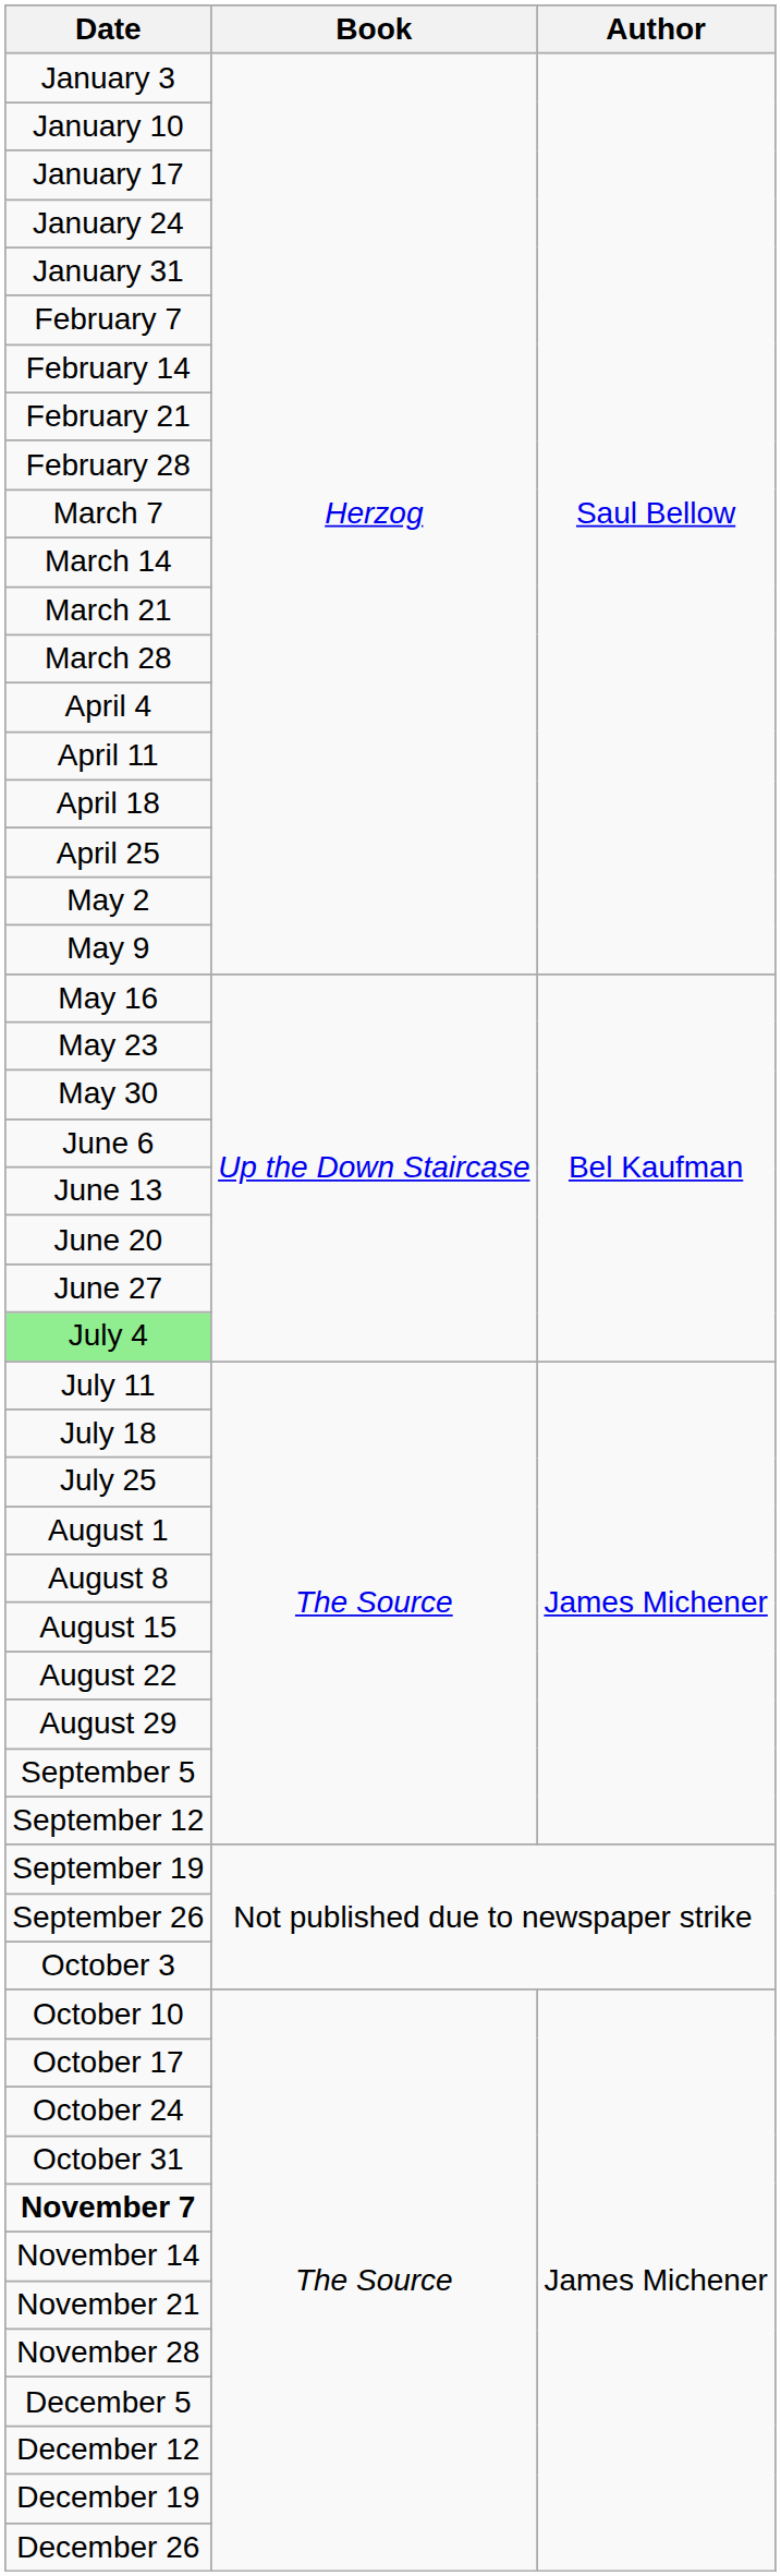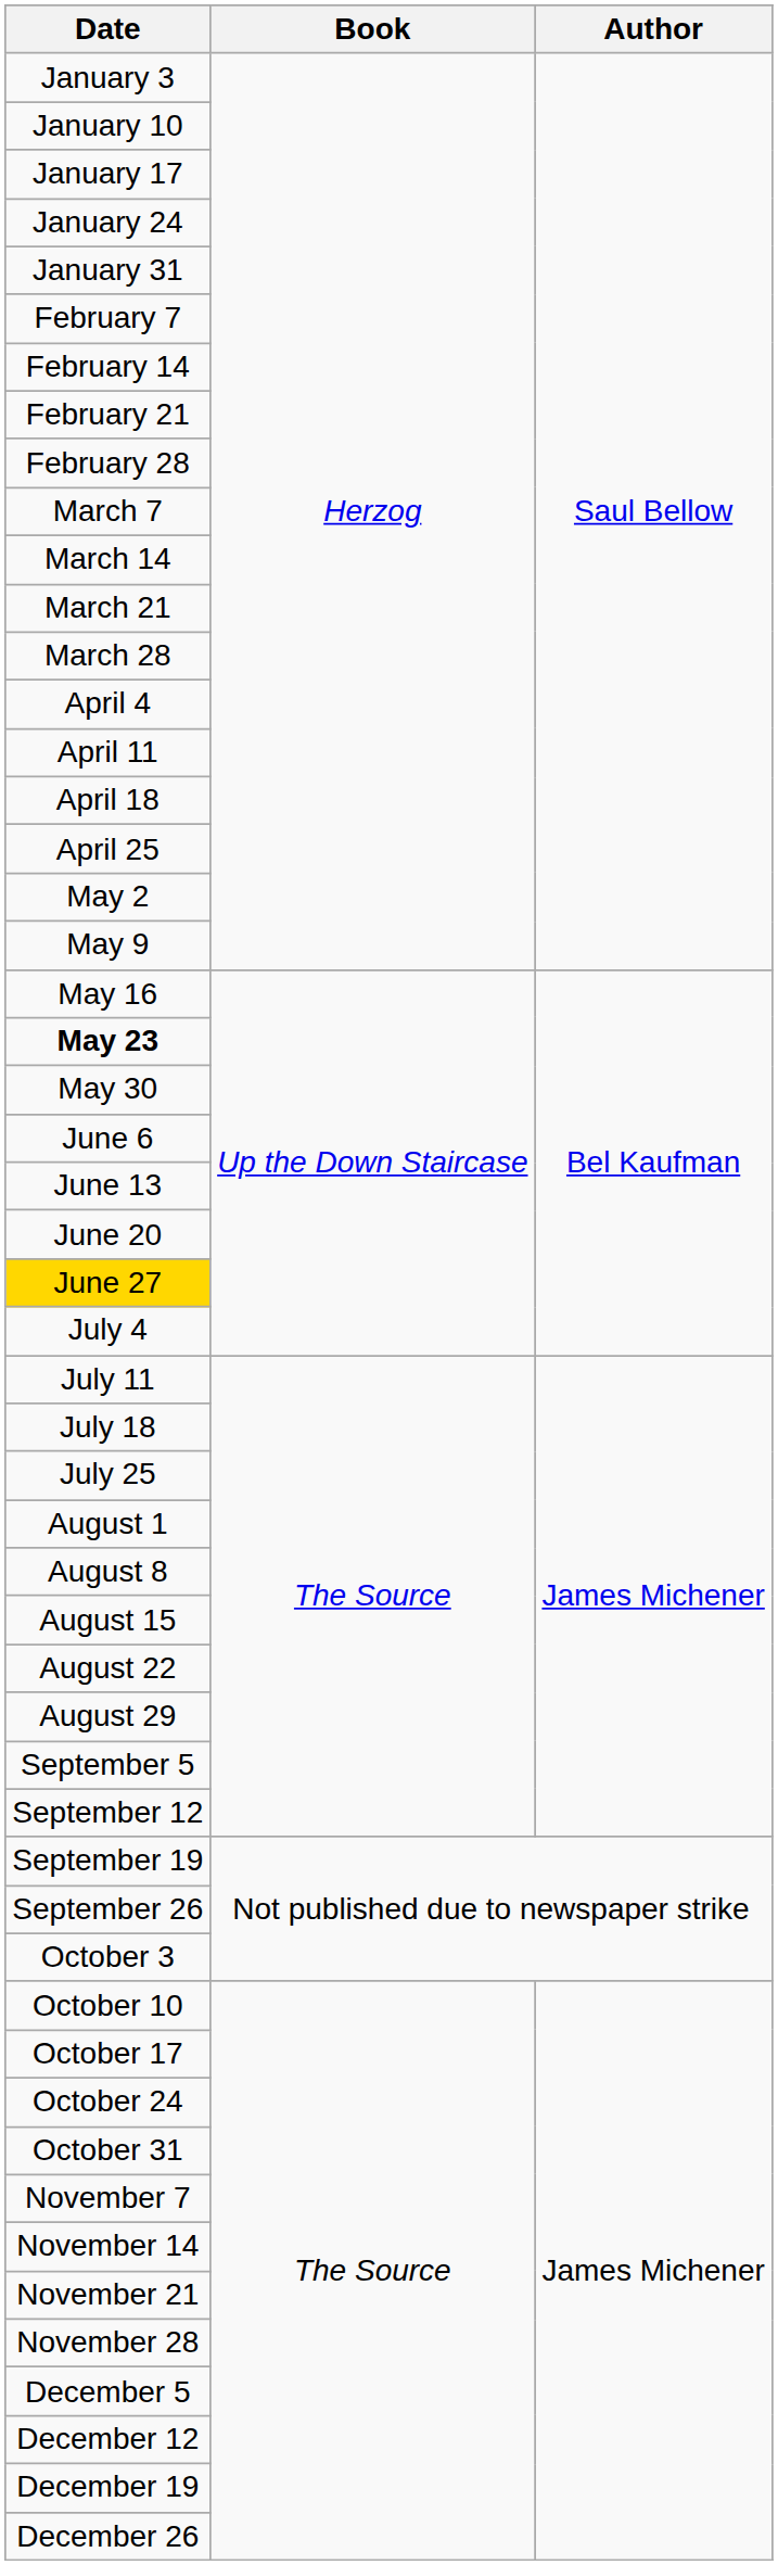 <table class="wikitable sortable" style="text-align: center">
 <tr>
 <th>Date</th>
 <th>Book</th>
 <th>Author</th>
 </tr>
 <tr>
 <td>January 3</td>
 <td rowspan=19><em><a href='#'>Herzog</a></em></td>
 <td rowspan=19><a href='#'>Saul Bellow</a></td>
 </tr>
 <tr>
 <td>January 10</td>
 </tr>
 <tr>
 <td>January 17</td>
 </tr>
 <tr>
 <td>January 24</td>
 </tr>
 <tr>
 <td>January 31</td>
 </tr>
 <tr>
 <td>February 7</td>
 </tr>
 <tr>
 <td>February 14</td>
 </tr>
 <tr>
 <td>February 21</td>
 </tr>
 <tr>
 <td>February 28</td>
 </tr>
 <tr>
 <td>March 7</td>
 </tr>
 <tr>
 <td>March 14</td>
 </tr>
 <tr>
 <td>March 21</td>
 </tr>
 <tr>
 <td>March 28</td>
 </tr>
 <tr>
 <td>April 4</td>
 </tr>
 <tr>
 <td>April 11</td>
 </tr>
 <tr>
 <td>April 18</td>
 </tr>
 <tr>
 <td>April 25</td>
 </tr>
 <tr>
 <td>May 2</td>
 </tr>
 <tr>
 <td>May 9</td>
 </tr>
 <tr>
 <td>May 16</td>
 <td rowspan=8><em><a href='#'>Up the Down Staircase</a></em></td>
 <td rowspan=8><a href='#'>Bel Kaufman</a></td>
 </tr>
 <tr>
-<td>May 23</td>
+<td><strong>May 23</strong></td>
 </tr>
 <tr>
 <td>May 30</td>
 </tr>
 <tr>
 <td>June 6</td>
 </tr>
 <tr>
 <td>June 13</td>
 </tr>
 <tr>
 <td>June 20</td>
 </tr>
 <tr>
-<td>June 27</td>
+<td style="background: gold;">June 27</td>
 </tr>
 <tr>
-<td style="background: lightgreen;">July 4</td>
+<td>July 4</td>
 </tr>
 <tr>
 <td>July 11</td>
 <td rowspan=10><em><a href='#'>The Source</a></em></td>
 <td rowspan=10><a href='#'>James Michener</a></td>
 </tr>
 <tr>
 <td>July 18</td>
 </tr>
 <tr>
 <td>July 25</td>
 </tr>
 <tr>
 <td>August 1</td>
 </tr>
 <tr>
 <td>August 8</td>
 </tr>
 <tr>
 <td>August 15</td>
 </tr>
 <tr>
 <td>August 22</td>
 </tr>
 <tr>
 <td>August 29</td>
 </tr>
 <tr>
 <td>September 5</td>
 </tr>
 <tr>
 <td>September 12</td>
 </tr>
 <tr>
 <td>September 19</td>
 <td rowspan=3 colspan=2>Not published due to newspaper strike</td>
 </tr>
 <tr>
 <td>September 26</td>
 </tr>
 <tr>
 <td>October 3</td>
 </tr>
 <tr>
 <td>October 10</td>
 <td rowspan=12><em>The Source</em></td>
 <td rowspan=12>James Michener</td>
 </tr>
 <tr>
 <td>October 17</td>
 </tr>
 <tr>
 <td>October 24</td>
 </tr>
 <tr>
 <td>October 31</td>
 </tr>
 <tr>
-<td><strong>November 7</strong></td>
+<td>November 7</td>
 </tr>
 <tr>
 <td>November 14</td>
 </tr>
 <tr>
 <td>November 21</td>
 </tr>
 <tr>
 <td>November 28</td>
 </tr>
 <tr>
 <td>December 5</td>
 </tr>
 <tr>
 <td>December 12</td>
 </tr>
 <tr>
 <td>December 19</td>
 </tr>
 <tr>
 <td>December 26</td>
 </tr>
 <tr>
 </tr>
 </table>
